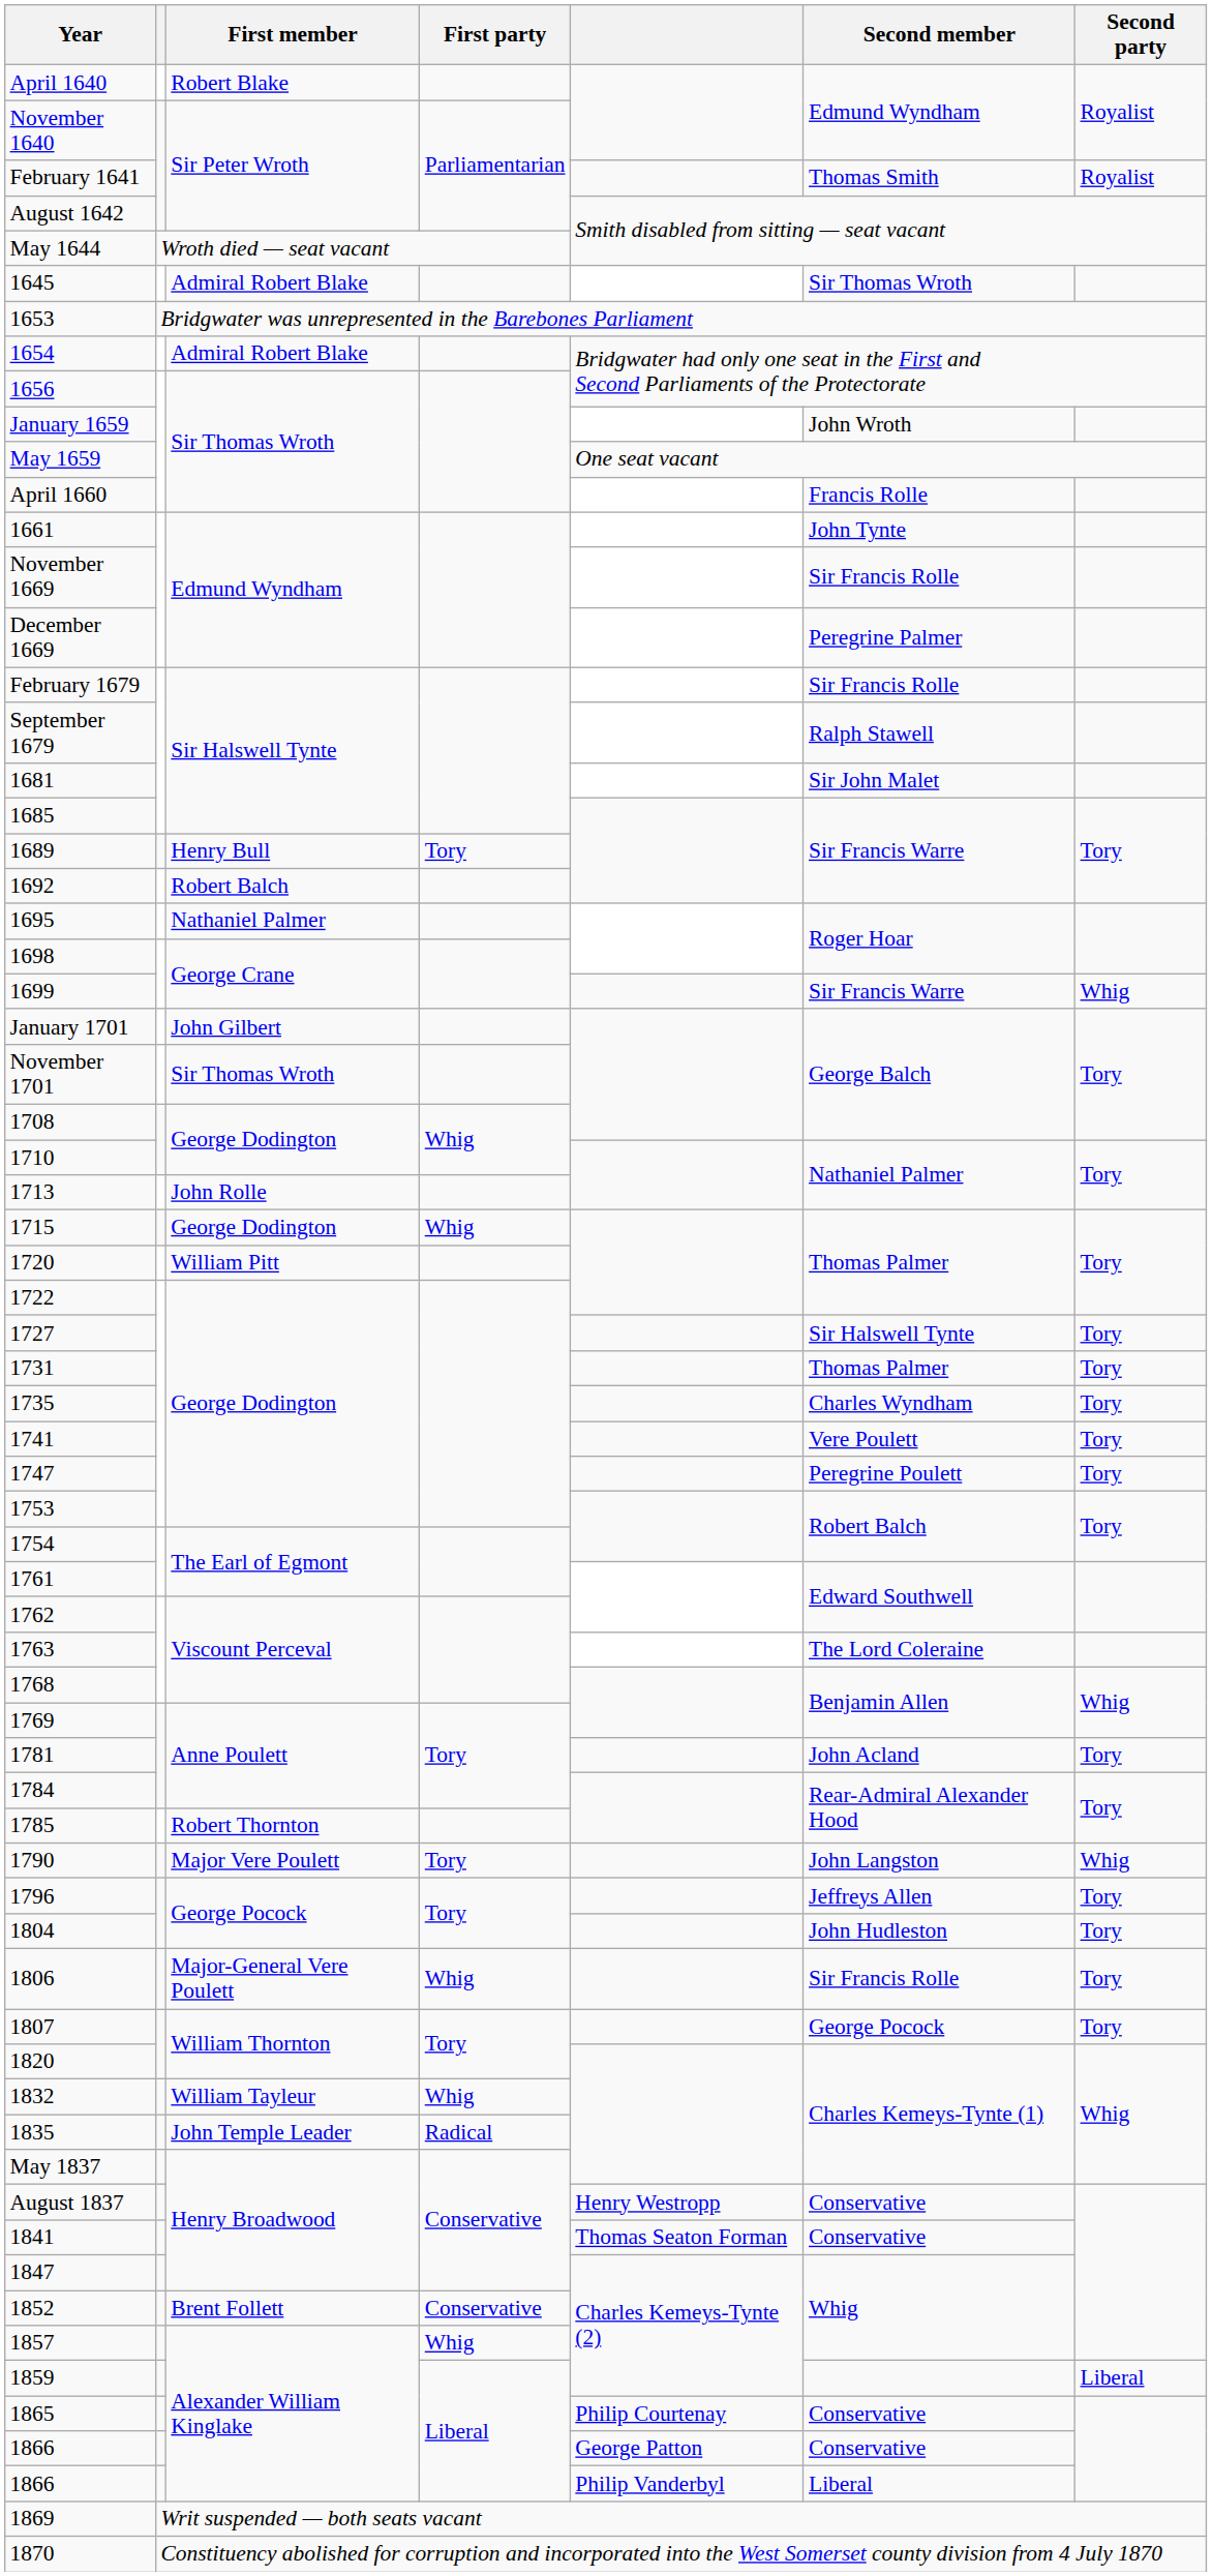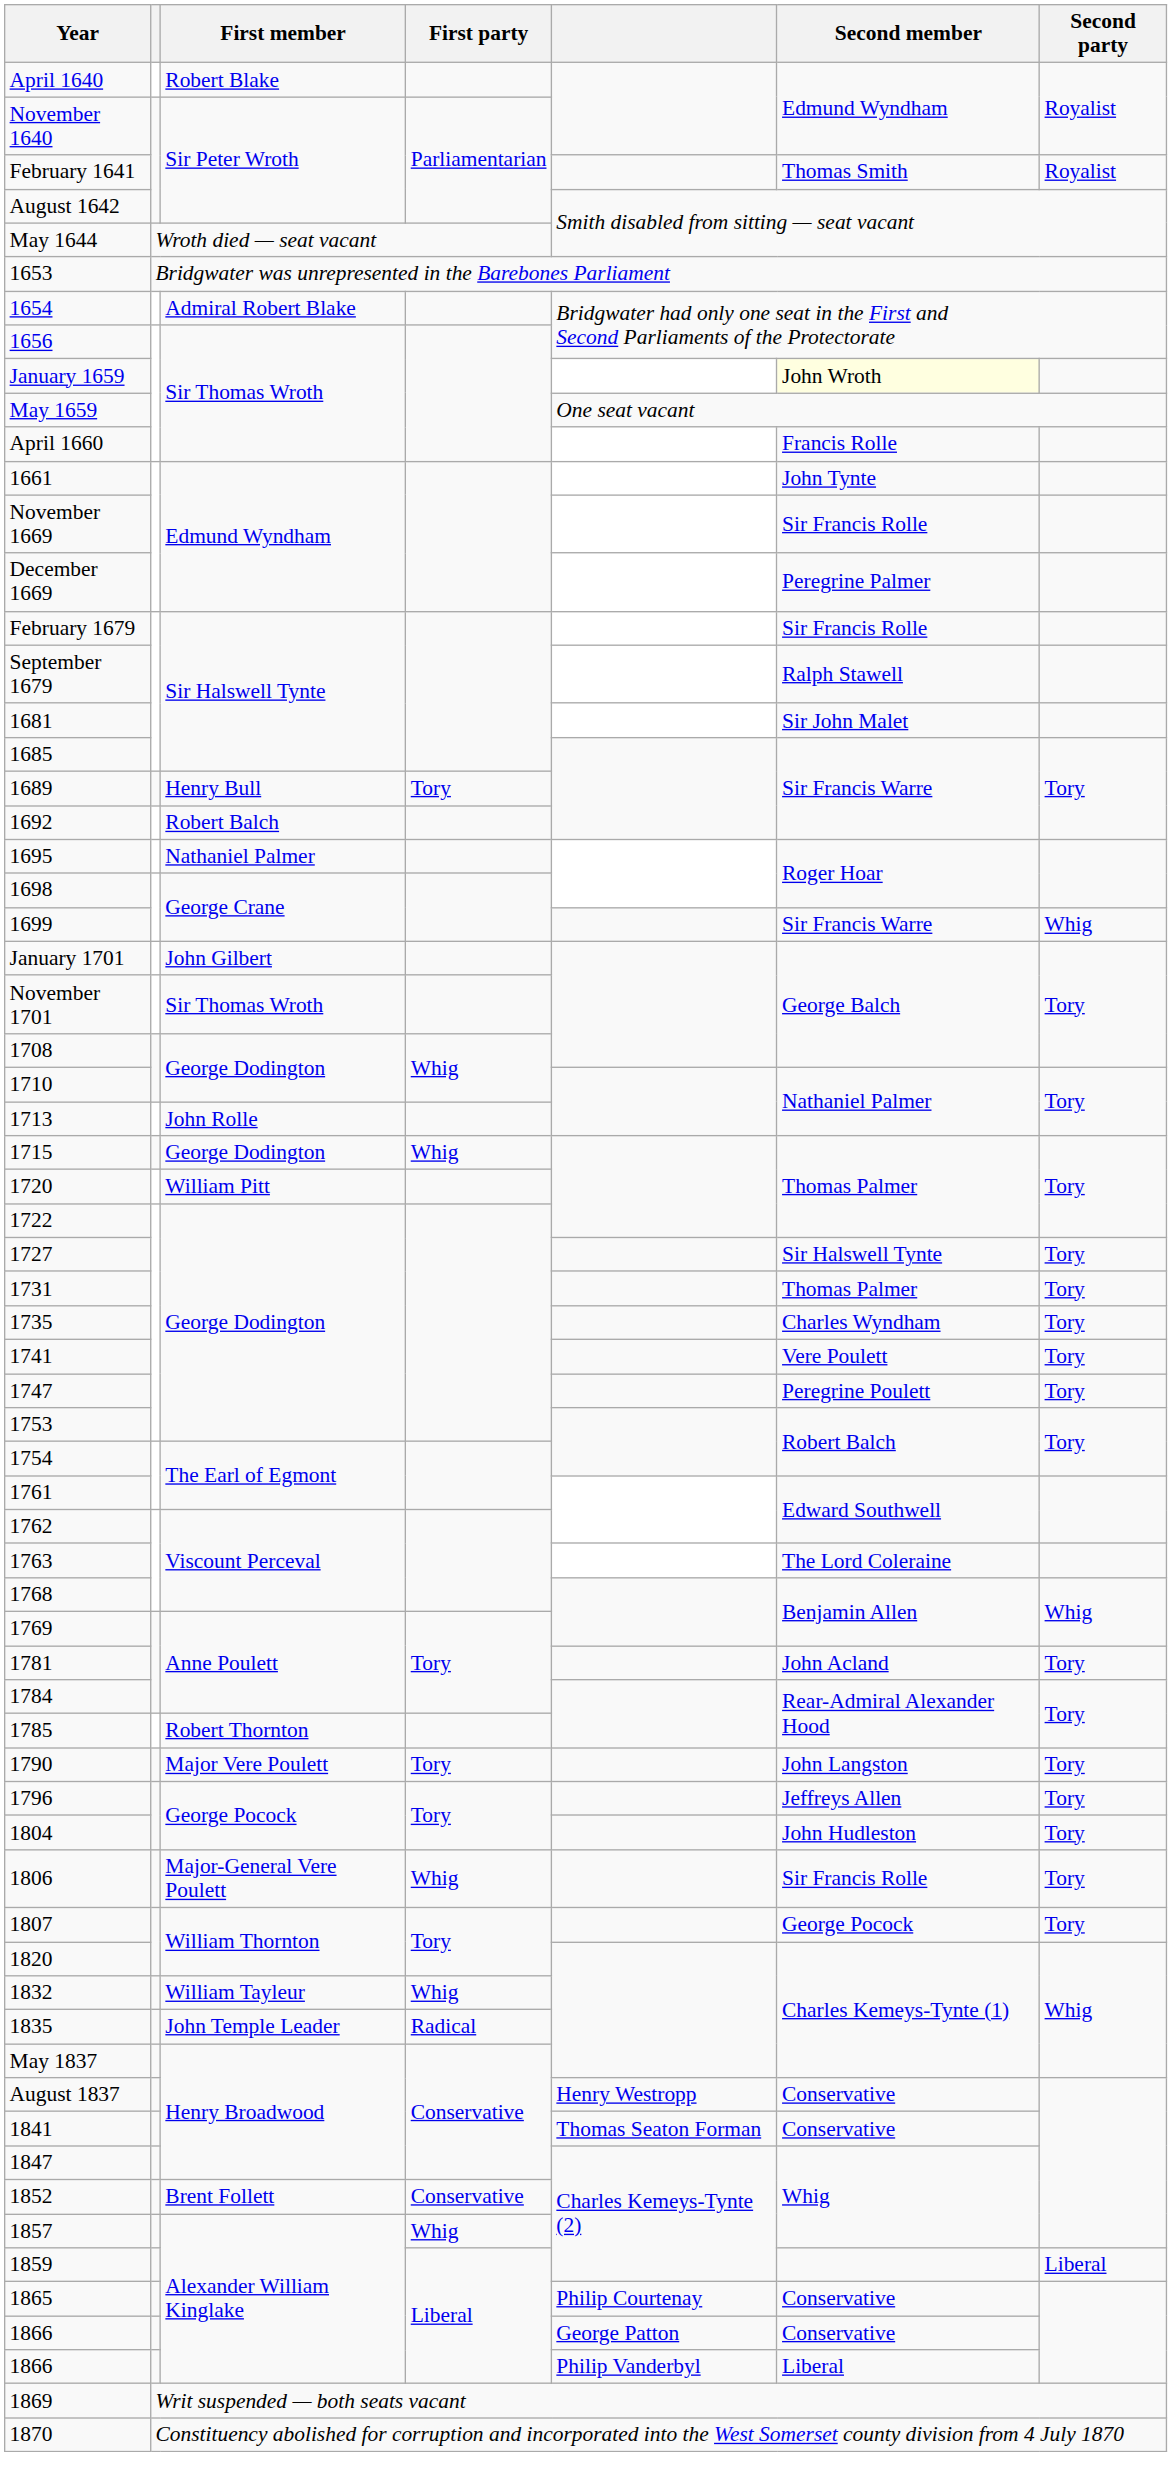 <table class="wikitable">
 <tr>
 <th>Year</th>
 <th></th>
 <th>First member</th>
 <th>First party</th>
 <th></th>
 <th>Second member</th>
 <th>Second party</th>
 </tr>
 <tr>
 <td><a href='#'>April 1640</a></td>
 <td style="color:inherit;background-color: white"></td>
 <td><a href='#'>Robert Blake</a></td>
 <td></td>
 <td rowspan="2" style="color:inherit;background-color: "></td>
 <td rowspan="2"><a href='#'>Edmund Wyndham</a></td>
 <td rowspan="2"><a href='#'>Royalist</a></td>
 </tr>
 <tr>
 <td><a href='#'>November 1640</a></td>
 <td rowspan="3" style="color:inherit;background-color: "></td>
 <td rowspan="3"><a href='#'>Sir Peter Wroth</a></td>
 <td rowspan="3"><a href='#'>Parliamentarian</a></td>
 </tr>
 <tr>
 <td>February 1641</td>
 <td style="color:inherit;background-color: "></td>
 <td><a href='#'>Thomas Smith</a></td>
 <td><a href='#'>Royalist</a></td>
 </tr>
 <tr>
 <td>August 1642</td>
 <td rowspan="2" colspan="3"><em>Smith disabled from sitting — seat vacant</em></td>
 </tr>
 <tr>
 <td>May 1644</td>
 <td colspan="3"><em>Wroth died — seat vacant</em></td>
 </tr>
 <tr>
-<td>1645</td>
-<td style="color:inherit;background-color: white"></td>
-<td><a href='#'>Admiral Robert Blake</a></td>
-<td></td>
-<td style="color:inherit;background-color: white"></td>
-<td><a href='#'>Sir Thomas Wroth</a></td>
-<td></td>
-</tr>
-<tr>
 <td>1653</td>
 <td colspan="6"><em>Bridgwater was unrepresented in the <a href='#'>Barebones Parliament</a></em></td>
 </tr>
 <tr>
 <td><a href='#'>1654</a></td>
 <td style="color:inherit;background-color: white"></td>
 <td><a href='#'>Admiral Robert Blake</a></td>
 <td></td>
 <td rowspan="2" colspan="3"><em>Bridgwater had only one seat in the <a href='#'>First</a>  and <br><a href='#'>Second</a> Parliaments of the Protectorate</em></td>
 </tr>
 <tr>
 <td><a href='#'>1656</a></td>
 <td rowspan="4" style="color:inherit;background-color: white"></td>
 <td rowspan="4"><a href='#'>Sir Thomas Wroth</a></td>
 <td rowspan="4"></td>
 </tr>
 <tr>
 <td><a href='#'>January 1659</a></td>
 <td style="color:inherit;background-color: white"></td>
-<td>John Wroth</td>
+<td style="background: lightyellow;">John Wroth</td>
 <td></td>
 </tr>
 <tr>
 <td><a href='#'>May 1659</a></td>
 <td colspan="3"><em>One seat vacant</em></td>
 </tr>
 <tr>
 <td>April 1660</td>
 <td style="color:inherit;background-color: white"></td>
 <td><a href='#'>Francis Rolle</a></td>
 <td></td>
 </tr>
 <tr>
 <td>1661</td>
 <td rowspan="3" style="color:inherit;background-color: white"></td>
 <td rowspan="3"><a href='#'>Edmund Wyndham</a></td>
 <td rowspan="3"></td>
 <td style="color:inherit;background-color: white"></td>
 <td><a href='#'>John Tynte</a></td>
 <td></td>
 </tr>
 <tr>
 <td>November 1669</td>
 <td style="color:inherit;background-color: white"></td>
 <td><a href='#'>Sir Francis Rolle</a></td>
 <td></td>
 </tr>
 <tr>
 <td>December 1669</td>
 <td style="color:inherit;background-color: white"></td>
 <td><a href='#'>Peregrine Palmer</a></td>
 <td></td>
 </tr>
 <tr>
 <td>February 1679</td>
 <td rowspan="4" style="color:inherit;background-color: white"></td>
 <td rowspan="4"><a href='#'>Sir Halswell Tynte</a></td>
 <td rowspan="4"></td>
 <td style="color:inherit;background-color: white"></td>
 <td><a href='#'>Sir Francis Rolle</a></td>
 <td></td>
 </tr>
 <tr>
 <td>September 1679</td>
 <td style="color:inherit;background-color: white"></td>
 <td><a href='#'>Ralph Stawell</a></td>
 <td></td>
 </tr>
 <tr>
 <td>1681</td>
 <td style="color:inherit;background-color: white"></td>
 <td><a href='#'>Sir John Malet</a></td>
 <td></td>
 </tr>
 <tr>
 <td>1685</td>
 <td rowspan="3" style="color:inherit;background-color: "></td>
 <td rowspan="3"><a href='#'>Sir Francis Warre</a></td>
 <td rowspan="3"><a href='#'>Tory</a></td>
 </tr>
 <tr>
 <td>1689</td>
 <td style="color:inherit;background-color: "></td>
 <td><a href='#'>Henry Bull</a></td>
 <td><a href='#'>Tory</a></td>
 </tr>
 <tr>
 <td>1692</td>
 <td style="color:inherit;background-color: white"></td>
 <td><a href='#'>Robert Balch</a></td>
 <td></td>
 </tr>
 <tr>
 <td>1695</td>
 <td style="color:inherit;background-color: white"></td>
 <td><a href='#'>Nathaniel Palmer</a></td>
 <td></td>
 <td rowspan="2" style="color:inherit;background-color: white"></td>
 <td rowspan="2"><a href='#'>Roger Hoar</a></td>
 <td rowspan="2"></td>
 </tr>
 <tr>
 <td>1698</td>
 <td rowspan="2" style="color:inherit;background-color: white"></td>
 <td rowspan="2"><a href='#'>George Crane</a></td>
 <td rowspan="2"></td>
 </tr>
 <tr>
 <td>1699</td>
 <td style="color:inherit;background-color: "></td>
 <td><a href='#'>Sir Francis Warre</a></td>
 <td><a href='#'>Whig</a></td>
 </tr>
 <tr>
 <td>January 1701</td>
 <td style="color:inherit;background-color: white"></td>
 <td><a href='#'>John Gilbert</a></td>
 <td></td>
 <td rowspan="3" style="color:inherit;background-color: "></td>
 <td rowspan="3"><a href='#'>George Balch</a></td>
 <td rowspan="3"><a href='#'>Tory</a></td>
 </tr>
 <tr>
 <td>November 1701</td>
 <td style="color:inherit;background-color: white"></td>
 <td><a href='#'>Sir Thomas Wroth</a></td>
 <td></td>
 </tr>
 <tr>
 <td>1708</td>
 <td rowspan="2" style="color:inherit;background-color: "></td>
 <td rowspan="2"><a href='#'>George Dodington</a></td>
 <td rowspan="2"><a href='#'>Whig</a></td>
 </tr>
 <tr>
 <td>1710</td>
 <td rowspan="2" style="color:inherit;background-color: "></td>
 <td rowspan="2"><a href='#'>Nathaniel Palmer</a></td>
 <td rowspan="2"><a href='#'>Tory</a></td>
 </tr>
 <tr>
 <td>1713</td>
 <td style="color:inherit;background-color: white"></td>
 <td><a href='#'>John Rolle</a></td>
 <td></td>
 </tr>
 <tr>
 <td>1715</td>
 <td style="color:inherit;background-color: "></td>
 <td><a href='#'>George Dodington</a></td>
 <td><a href='#'>Whig</a></td>
 <td rowspan="3" style="color:inherit;background-color: "></td>
 <td rowspan="3"><a href='#'>Thomas Palmer</a></td>
 <td rowspan="3"><a href='#'>Tory</a></td>
 </tr>
 <tr>
 <td>1720</td>
 <td style="color:inherit;background-color: white"></td>
 <td><a href='#'>William Pitt</a></td>
 <td></td>
 </tr>
 <tr>
 <td>1722</td>
 <td rowspan="7" style="color:inherit;background-color: white"></td>
 <td rowspan="7"><a href='#'>George Dodington</a></td>
 <td rowspan="7"></td>
 </tr>
 <tr>
 <td>1727</td>
 <td style="color:inherit;background-color: "></td>
 <td><a href='#'>Sir Halswell Tynte</a></td>
 <td><a href='#'>Tory</a></td>
 </tr>
 <tr>
 <td>1731</td>
 <td style="color:inherit;background-color: "></td>
 <td><a href='#'>Thomas Palmer</a></td>
 <td><a href='#'>Tory</a></td>
 </tr>
 <tr>
 <td>1735</td>
 <td style="color:inherit;background-color: "></td>
 <td><a href='#'>Charles Wyndham</a></td>
 <td><a href='#'>Tory</a></td>
 </tr>
 <tr>
 <td>1741</td>
 <td style="color:inherit;background-color: "></td>
 <td><a href='#'>Vere Poulett</a></td>
 <td><a href='#'>Tory</a></td>
 </tr>
 <tr>
 <td>1747</td>
 <td style="color:inherit;background-color: "></td>
 <td><a href='#'>Peregrine Poulett</a></td>
 <td><a href='#'>Tory</a></td>
 </tr>
 <tr>
 <td>1753</td>
 <td rowspan="2" style="color:inherit;background-color: "></td>
 <td rowspan="2"><a href='#'>Robert Balch</a></td>
 <td rowspan="2"><a href='#'>Tory</a></td>
 </tr>
 <tr>
 <td>1754</td>
 <td rowspan="2" style="color:inherit;background-color: white"></td>
 <td rowspan="2"><a href='#'>The Earl of Egmont</a></td>
 <td rowspan="2"></td>
 </tr>
 <tr>
 <td>1761</td>
 <td rowspan="2" style="color:inherit;background-color: white"></td>
 <td rowspan="2"><a href='#'>Edward Southwell</a></td>
 <td rowspan="2"></td>
 </tr>
 <tr>
 <td>1762</td>
 <td rowspan="3" style="color:inherit;background-color: white"></td>
 <td rowspan="3"><a href='#'>Viscount Perceval</a></td>
 <td rowspan="3"></td>
 </tr>
 <tr>
 <td>1763</td>
 <td style="color:inherit;background-color: white"></td>
 <td><a href='#'>The Lord Coleraine</a></td>
 <td></td>
 </tr>
 <tr>
 <td>1768</td>
 <td rowspan="2" style="color:inherit;background-color: "></td>
 <td rowspan="2"><a href='#'>Benjamin Allen</a></td>
 <td rowspan="2"><a href='#'>Whig</a></td>
 </tr>
 <tr>
 <td>1769</td>
 <td rowspan="3" style="color:inherit;background-color: "></td>
 <td rowspan="3"><a href='#'>Anne Poulett</a></td>
 <td rowspan="3"><a href='#'>Tory</a></td>
 </tr>
 <tr>
 <td>1781</td>
 <td style="color:inherit;background-color: "></td>
 <td><a href='#'>John Acland</a></td>
 <td><a href='#'>Tory</a></td>
 </tr>
 <tr>
 <td>1784</td>
 <td rowspan="2" style="color:inherit;background-color: "></td>
 <td rowspan="2"><a href='#'>Rear-Admiral Alexander Hood</a></td>
 <td rowspan="2"><a href='#'>Tory</a></td>
 </tr>
 <tr>
 <td>1785</td>
 <td style="color:inherit;background-color: white"></td>
 <td><a href='#'>Robert Thornton</a></td>
 <td></td>
 </tr>
 <tr>
 <td>1790</td>
 <td style="color:inherit;background-color: "></td>
 <td><a href='#'>Major Vere Poulett</a></td>
 <td><a href='#'>Tory</a></td>
 <td style="color:inherit;background-color: "></td>
 <td><a href='#'>John Langston</a></td>
-<td><a href='#'>Whig</a></td>
+<td><a href='#'>Tory</a></td>
 </tr>
 <tr>
 <td>1796</td>
 <td rowspan="2" style="color:inherit;background-color: "></td>
 <td rowspan="2"><a href='#'>George Pocock</a></td>
 <td rowspan="2"><a href='#'>Tory</a></td>
 <td style="color:inherit;background-color: "></td>
 <td><a href='#'>Jeffreys Allen</a></td>
 <td><a href='#'>Tory</a></td>
 </tr>
 <tr>
 <td>1804</td>
 <td style="color:inherit;background-color: "></td>
 <td><a href='#'>John Hudleston</a></td>
 <td><a href='#'>Tory</a></td>
 </tr>
 <tr>
 <td>1806</td>
 <td style="color:inherit;background-color: "></td>
 <td><a href='#'>Major-General Vere Poulett</a></td>
 <td><a href='#'>Whig</a></td>
 <td style="color:inherit;background-color: "></td>
 <td><a href='#'>Sir Francis Rolle</a></td>
 <td><a href='#'>Tory</a></td>
 </tr>
 <tr>
 <td>1807</td>
 <td rowspan="2" style="color:inherit;background-color: "></td>
 <td rowspan="2"><a href='#'>William Thornton</a></td>
 <td rowspan="2"><a href='#'>Tory</a></td>
 <td style="color:inherit;background-color: "></td>
 <td><a href='#'>George Pocock</a></td>
 <td><a href='#'>Tory</a></td>
 </tr>
 <tr>
 <td>1820</td>
 <td rowspan="4" style="color:inherit;background-color: "></td>
 <td rowspan="4"><a href='#'>Charles Kemeys-Tynte (1)</a></td>
 <td rowspan="4"><a href='#'>Whig</a></td>
 </tr>
 <tr>
 <td>1832</td>
 <td style="color:inherit;background-color: "></td>
 <td><a href='#'>William Tayleur</a></td>
 <td><a href='#'>Whig</a></td>
 </tr>
 <tr>
 <td>1835</td>
 <td style="color:inherit;background-color: "></td>
 <td><a href='#'>John Temple Leader</a></td>
 <td><a href='#'>Radical</a></td>
 </tr>
 <tr>
 <td>May 1837</td>
 <td style="color:inherit;background-color: "></td>
 <td rowspan="4"><a href='#'>Henry Broadwood</a></td>
 <td rowspan="4"><a href='#'>Conservative</a></td>
 </tr>
 <tr>
 <td>August 1837</td>
 <td style="color:inherit;background-color: "></td>
 <td><a href='#'>Henry Westropp</a></td>
 <td><a href='#'>Conservative</a></td>
 </tr>
 <tr>
 <td>1841</td>
 <td style="color:inherit;background-color: "></td>
 <td><a href='#'>Thomas Seaton Forman</a></td>
 <td><a href='#'>Conservative</a></td>
 </tr>
 <tr>
 <td>1847</td>
 <td style="color:inherit;background-color: "></td>
 <td rowspan="4"><a href='#'>Charles Kemeys-Tynte (2)</a></td>
 <td rowspan="3"><a href='#'>Whig</a></td>
 </tr>
 <tr>
 <td>1852</td>
 <td style="color:inherit;background-color: "></td>
 <td><a href='#'>Brent Follett</a></td>
 <td><a href='#'>Conservative</a></td>
 </tr>
 <tr>
 <td>1857</td>
 <td style="color:inherit;background-color: "></td>
 <td rowspan="5"><a href='#'>Alexander William Kinglake</a></td>
 <td><a href='#'>Whig</a></td>
 </tr>
 <tr>
 <td>1859</td>
 <td style="color:inherit;background-color: "></td>
 <td rowspan="4"><a href='#'>Liberal</a></td>
 <td style="color:inherit;background-color: "></td>
 <td><a href='#'>Liberal</a></td>
 </tr>
 <tr>
 <td>1865</td>
 <td style="color:inherit;background-color: "></td>
 <td><a href='#'>Philip Courtenay</a></td>
 <td><a href='#'>Conservative</a></td>
 </tr>
 <tr>
 <td>1866</td>
 <td style="color:inherit;background-color: "></td>
 <td><a href='#'>George Patton</a></td>
 <td><a href='#'>Conservative</a></td>
 </tr>
 <tr>
 <td>1866</td>
 <td style="color:inherit;background-color: "></td>
 <td><a href='#'>Philip Vanderbyl</a></td>
 <td><a href='#'>Liberal</a></td>
 </tr>
 <tr>
 <td>1869</td>
 <td colspan="6"><em>Writ suspended — both seats vacant</em> </td>
 </tr>
 <tr>
 <td>1870</td>
 <td colspan="6"><em>Constituency abolished for corruption and incorporated into the <a href='#'>West Somerset</a> county division from 4 July 1870</em></td>
 </tr>
 </table>
